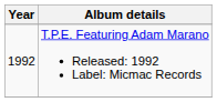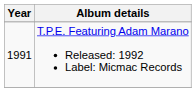 <table Class = " wikitable ">
 <tr>
 <th>Year</th>
 <th>Album details</th>
 </tr>
 <tr Style = "font -size: smaller ; ">
 </tr>
 <tr>
-<td align = "center">1992</td>
+<td align = "center">1991</td>
 <td><a href='#'>T.P.E. Featuring Adam Marano</a><br><ul><li>Released: 1992</li><li>Label: Micmac Records</li></ul></td>
 </tr>
 <tr>
 </tr>
 </table>
